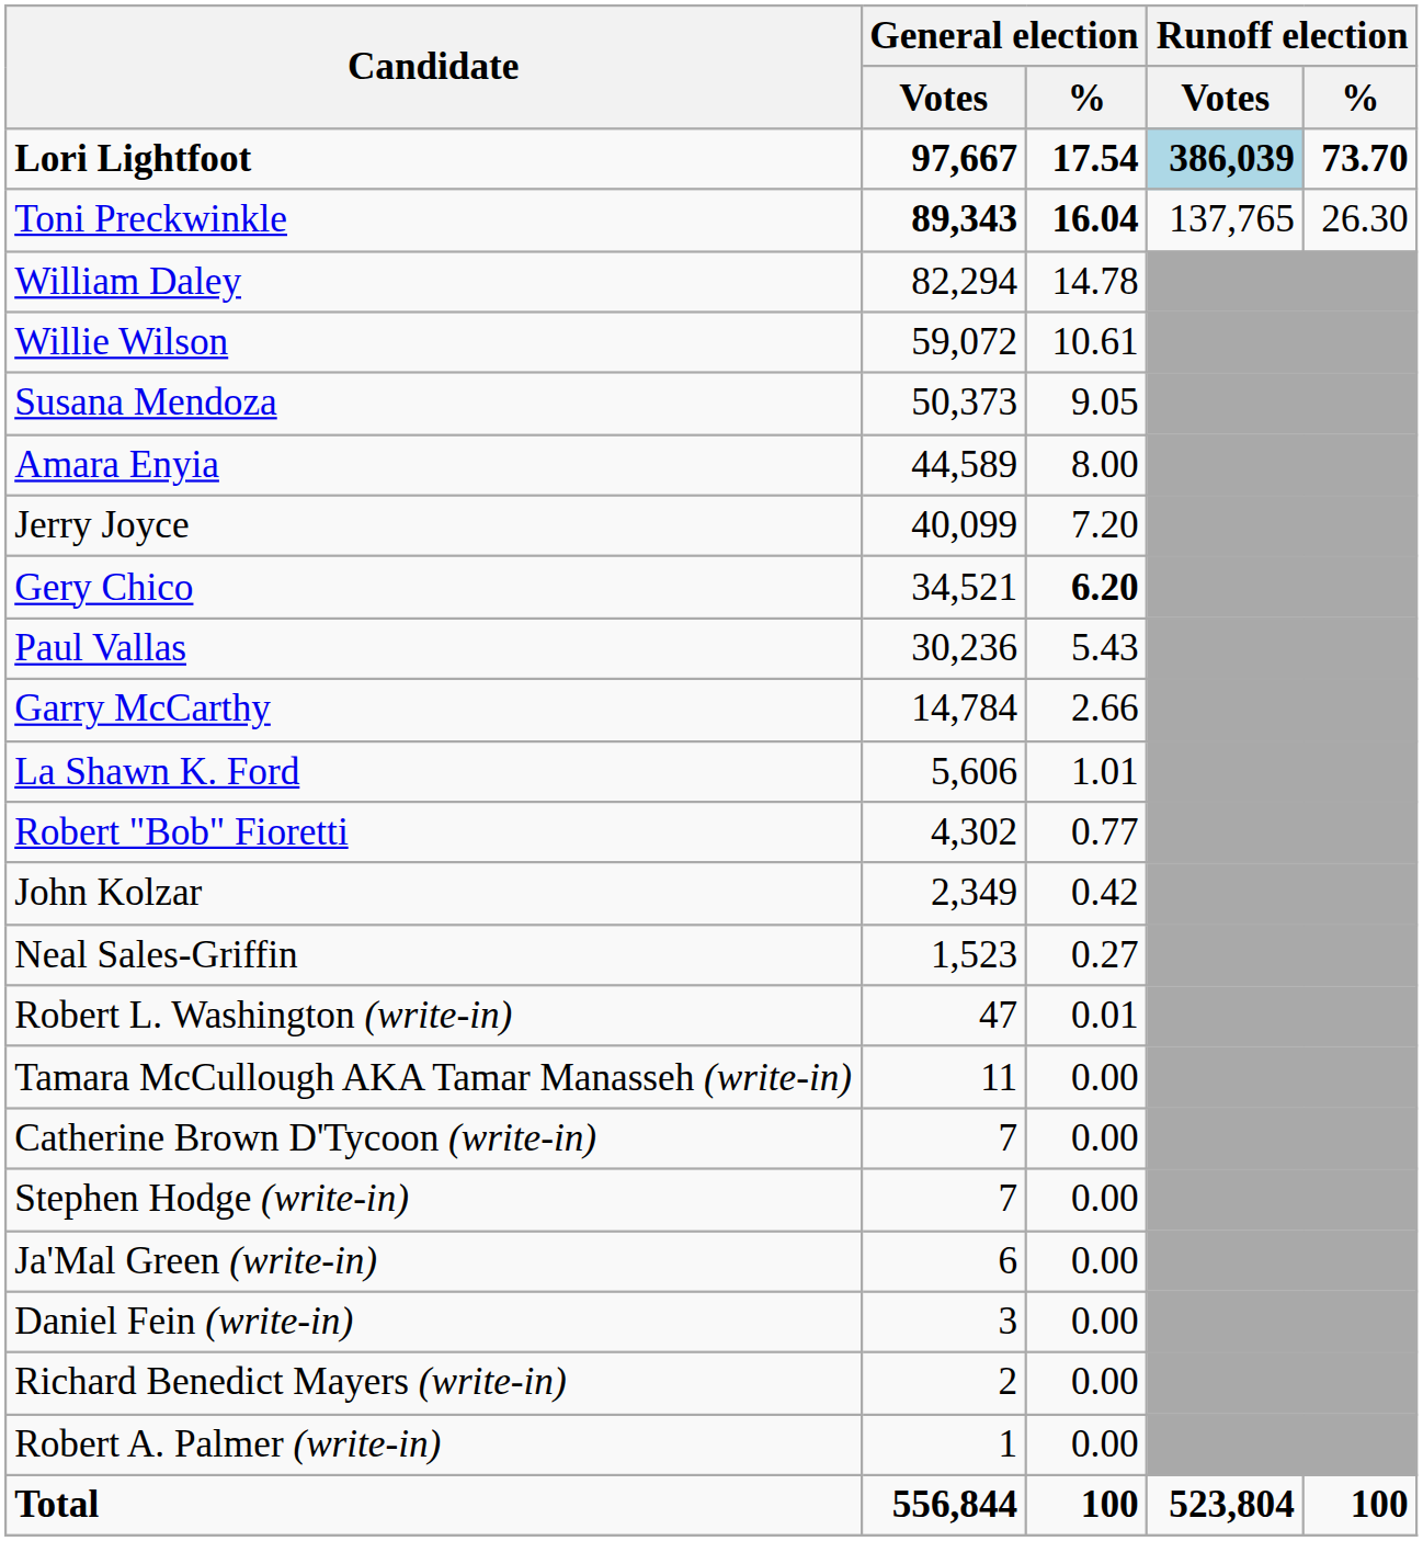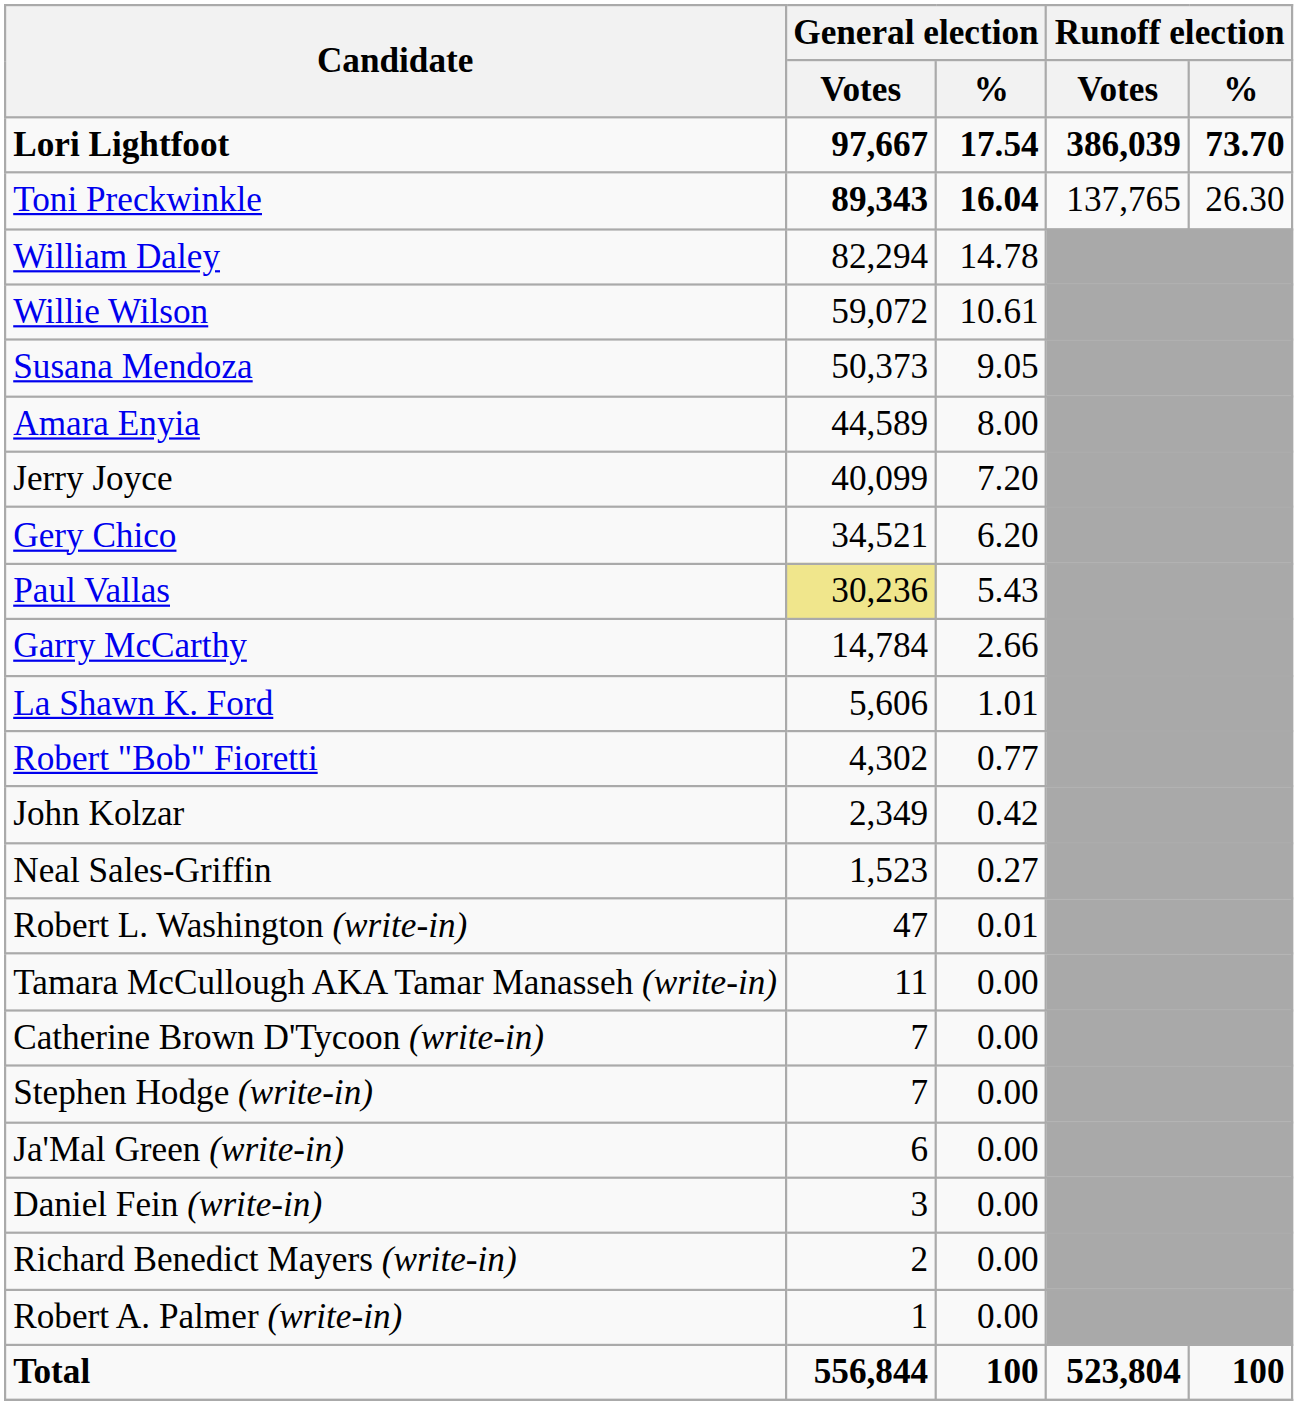 <table class=wikitable>
 <tr>
 <th colspan=1 rowspan=2>Candidate</th>
 <th colspan=2>General election</th>
 <th colspan=2>Runoff election</th>
 </tr>
 <tr>
 <th>Votes</th>
 <th>%</th>
 <th>Votes</th>
 <th>%</th>
 </tr>
 <tr>
 <td><strong>Lori Lightfoot</strong></td>
 <td align="right"><strong>97,667</strong></td>
 <td align="right"><strong>17.54</strong></td>
-<td align="right" style="background: lightblue;"><strong>386,039</strong></td>
+<td align="right"><strong>386,039</strong></td>
 <td align="right"><strong>73.70</strong></td>
 </tr>
 <tr>
 <td><a href='#'>Toni Preckwinkle</a></td>
 <td align="right"><strong>89,343</strong></td>
 <td align="right"><strong>16.04</strong></td>
 <td align="right">137,765</td>
 <td align="right">26.30</td>
 </tr>
 <tr>
 <td><a href='#'>William Daley</a></td>
 <td align="right">82,294</td>
 <td align="right">14.78</td>
 <td colspan=2 bgcolor=darkgray></td>
 </tr>
 <tr>
 <td><a href='#'>Willie Wilson</a></td>
 <td align="right">59,072</td>
 <td align="right">10.61</td>
 <td colspan=2 bgcolor=darkgray></td>
 </tr>
 <tr>
 <td><a href='#'>Susana Mendoza</a></td>
 <td align="right">50,373</td>
 <td align="right">9.05</td>
 <td colspan=2 bgcolor=darkgray></td>
 </tr>
 <tr>
 <td><a href='#'>Amara Enyia</a></td>
 <td align="right">44,589</td>
 <td align="right">8.00</td>
 <td colspan=2 bgcolor=darkgray></td>
 </tr>
 <tr>
 <td>Jerry Joyce</td>
 <td align="right">40,099</td>
 <td align="right">7.20</td>
 <td colspan=2 bgcolor=darkgray></td>
 </tr>
 <tr>
 <td><a href='#'>Gery Chico</a></td>
 <td align="right">34,521</td>
-<td align="right"><strong>6.20</strong></td>
+<td align="right">6.20</td>
 <td colspan=2 bgcolor=darkgray></td>
 </tr>
 <tr>
 <td><a href='#'>Paul Vallas</a></td>
-<td align="right">30,236</td>
+<td align="right" style="background: khaki;">30,236</td>
 <td align="right">5.43</td>
 <td colspan=2 bgcolor=darkgray></td>
 </tr>
 <tr>
 <td><a href='#'>Garry McCarthy</a></td>
 <td align="right">14,784</td>
 <td align="right">2.66</td>
 <td colspan=2 bgcolor=darkgray></td>
 </tr>
 <tr>
 <td><a href='#'>La Shawn K. Ford</a></td>
 <td align="right">5,606</td>
 <td align="right">1.01</td>
 <td colspan=2 bgcolor=darkgray></td>
 </tr>
 <tr>
 <td><a href='#'>Robert "Bob" Fioretti</a></td>
 <td align="right">4,302</td>
 <td align="right">0.77</td>
 <td colspan=2 bgcolor=darkgray></td>
 </tr>
 <tr>
 <td>John Kolzar</td>
 <td align="right">2,349</td>
 <td align="right">0.42</td>
 <td colspan=2 bgcolor=darkgray></td>
 </tr>
 <tr>
 <td>Neal Sales-Griffin</td>
 <td align="right">1,523</td>
 <td align="right">0.27</td>
 <td colspan=2 bgcolor=darkgray></td>
 </tr>
 <tr>
 <td>Robert L. Washington <em>(write-in)</em></td>
 <td align="right">47</td>
 <td align="right">0.01</td>
 <td colspan=2 bgcolor=darkgray></td>
 </tr>
 <tr>
 <td>Tamara McCullough AKA Tamar Manasseh  <em>(write-in)</em></td>
 <td align="right">11</td>
 <td align="right">0.00</td>
 <td colspan=2 bgcolor=darkgray></td>
 </tr>
 <tr>
 <td>Catherine Brown D'Tycoon  <em>(write-in)</em></td>
 <td align="right">7</td>
 <td align="right">0.00</td>
 <td colspan=2 bgcolor=darkgray></td>
 </tr>
 <tr>
 <td>Stephen Hodge  <em>(write-in)</em></td>
 <td align="right">7</td>
 <td align="right">0.00</td>
 <td colspan=2 bgcolor=darkgray></td>
 </tr>
 <tr>
 <td>Ja'Mal Green  <em>(write-in)</em></td>
 <td align="right">6</td>
 <td align="right">0.00</td>
 <td colspan=2 bgcolor=darkgray></td>
 </tr>
 <tr>
 <td>Daniel Fein  <em>(write-in)</em></td>
 <td align="right">3</td>
 <td align="right">0.00</td>
 <td colspan=2 bgcolor=darkgray></td>
 </tr>
 <tr>
 <td>Richard Benedict Mayers  <em>(write-in)</em></td>
 <td align="right">2</td>
 <td align="right">0.00</td>
 <td colspan=2 bgcolor=darkgray></td>
 </tr>
 <tr>
 <td>Robert A. Palmer  <em>(write-in)</em></td>
 <td align="right">1</td>
 <td align="right">0.00</td>
 <td colspan=2 bgcolor=darkgray></td>
 </tr>
 <tr>
 <td><strong>Total</strong></td>
 <td align="right"><strong>556,844</strong></td>
 <td align="right"><strong>100</strong></td>
 <td align="right"><strong>523,804</strong></td>
 <td align="right"><strong>100</strong></td>
 </tr>
 <tr>
 </tr>
 </table>
